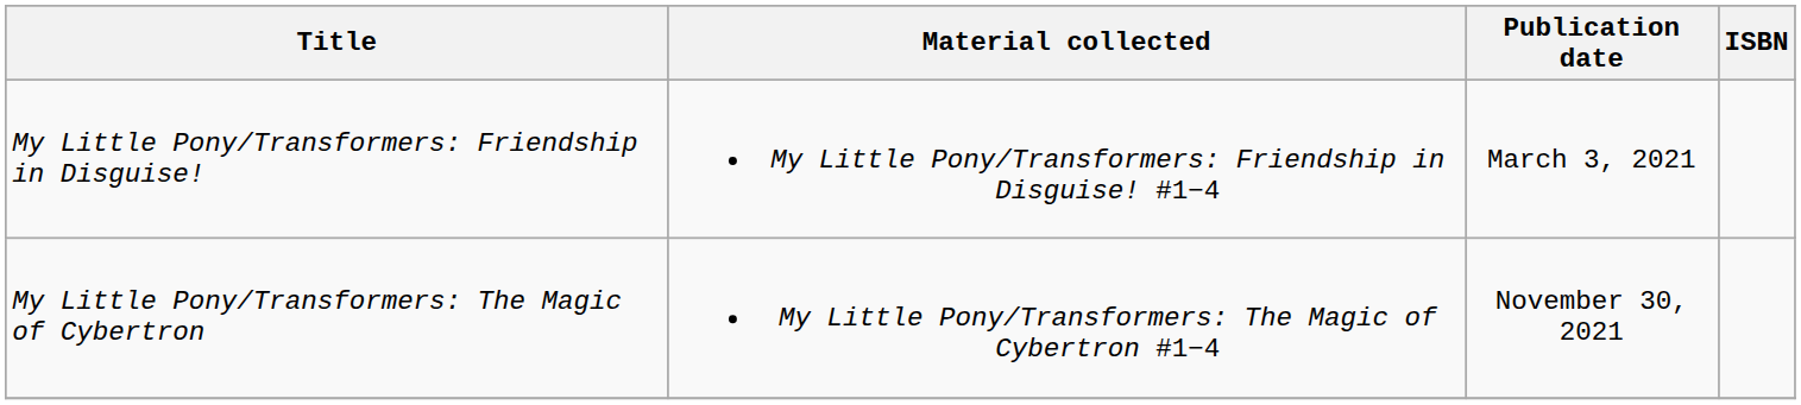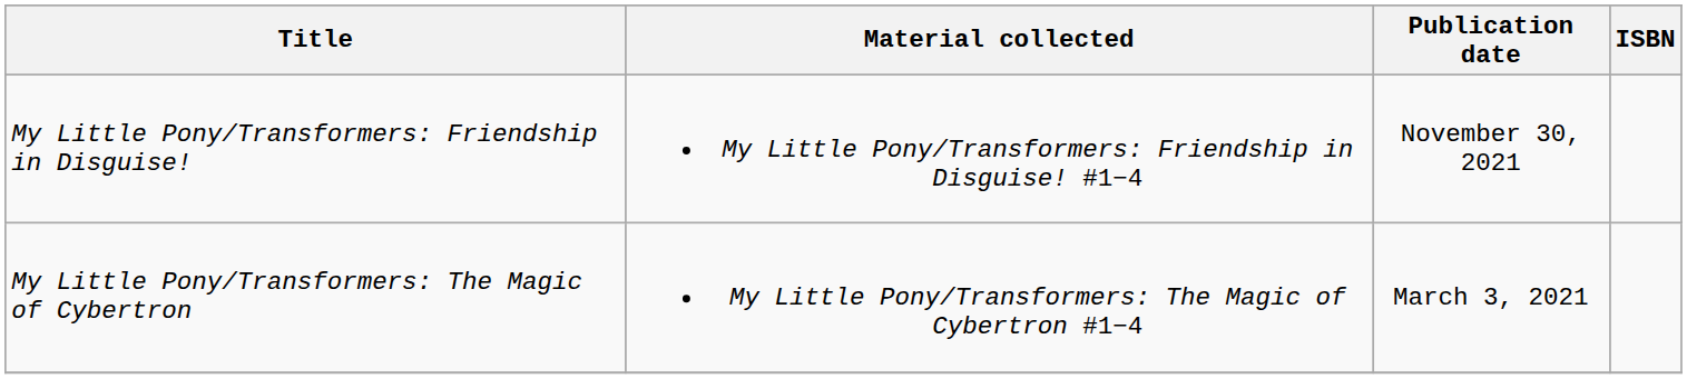 <table class="wikitable" style="text-align: center;">
 <tr>
 <th>Title</th>
 <th>Material collected</th>
 <th>Publication date</th>
 <th>ISBN</th>
 </tr>
 <tr>
 <td align="left"><em>My Little Pony/Transformers: Friendship in Disguise!</em></td>
 <td><br><ul><li><em>My Little Pony/Transformers: Friendship in Disguise!</em> #1−4</li></ul></td>
-<td>March 3, 2021</td>
+<td>November 30, 2021</td>
 <td></td>
 </tr>
 <tr>
 <td align="left"><em>My Little Pony/Transformers: The Magic of Cybertron</em></td>
 <td><br><ul><li><em>My Little Pony/Transformers: The Magic of Cybertron</em> #1−4</li></ul></td>
-<td>November 30, 2021</td>
+<td>March 3, 2021</td>
 <td></td>
 </tr>
 <tr>
 </tr>
 </table>
